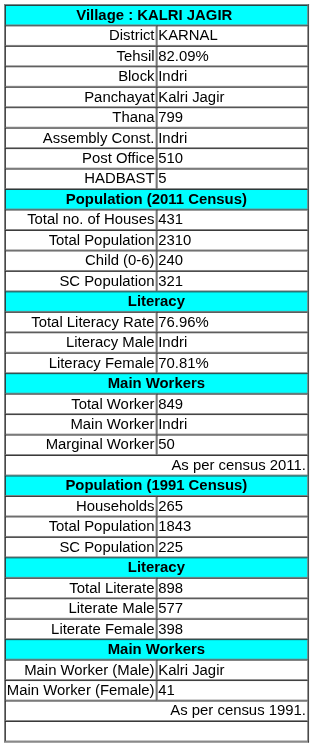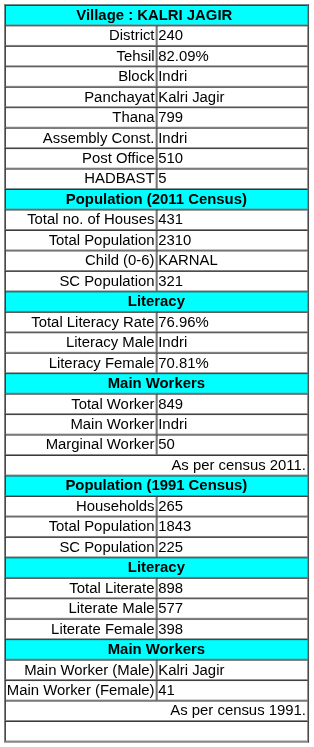 <table border="1" cellspacing="0">
 <tr>
 <th colspan="2" width="100%" bgcolor="#00FFFF">Village : <strong>KALRI JAGIR </strong></th>
 </tr>
 <tr>
 <td align="right" width="50%">District</td>
-<td width="50%">KARNAL   </td>
+<td width="50%">240   </td>
 </tr>
 <tr>
 <td align="right" width="50%">Tehsil</td>
 <td width="50%">82.09%   </td>
 </tr>
 <tr>
 <td align="right" width="50%">Block</td>
 <td width="50%">Indri   </td>
 </tr>
 <tr>
 <td align="right" width="50%">Panchayat</td>
 <td width="50%">Kalri Jagir   </td>
 </tr>
 <tr>
 <td align="right" width="50%">Thana</td>
 <td width="50%">799   </td>
 </tr>
 <tr>
 <td align="right" width="50%">Assembly Const.</td>
 <td width="50%">Indri   </td>
 </tr>
 <tr>
 <td align="right" width="50%">Post Office</td>
 <td width="50%">510   </td>
 </tr>
 <tr>
 <td align="right" width="50%">HADBAST</td>
 <td width="50%">5   </td>
 </tr>
 <tr>
 <th colspan="2" width="50%" bgcolor="#00FFFF">Population (2011 Census)</th>
 </tr>
 <tr>
 <td align="right" width="50%">Total no. of Houses</td>
 <td width="50%">431   </td>
 </tr>
 <tr>
 <td align="right" width="50%">Total Population</td>
 <td width="50%">2310   </td>
 </tr>
 <tr>
 <td align="right" width="50%">Child (0-6)</td>
-<td width="50%">240   </td>
+<td width="50%">KARNAL   </td>
 </tr>
 <tr>
 <td align="right" width="50%">SC Population</td>
 <td width="50%">321   </td>
 </tr>
 <tr>
 <th colspan="2" width="50%" bgcolor="#00FFFF">Literacy</th>
 </tr>
 <tr>
 <td align="right" width="50%">Total Literacy Rate</td>
 <td width="50%">76.96%   </td>
 </tr>
 <tr>
 <td align="right" width="50%">Literacy Male</td>
 <td width="50%">Indri   </td>
 </tr>
 <tr>
 <td align="right" width="50%">Literacy Female</td>
 <td width="50%">70.81%   </td>
 </tr>
 <tr>
 <th colspan="2" width="50%" bgcolor="#00FFFF">Main Workers</th>
 </tr>
 <tr>
 <td align="right" width="50%">Total Worker</td>
 <td width="50%">849   </td>
 </tr>
 <tr>
 <td align="right" width="50%">Main Worker</td>
 <td width="50%">Indri   </td>
 </tr>
 <tr>
 <td align="right" width="50%">Marginal Worker</td>
 <td width="50%">50   </td>
 </tr>
 <tr>
 <td colspan="2" align="right" width="50%">As per census 2011.</td>
 </tr>
 <tr>
 <th colspan="2" width="50%" bgcolor="#00FFFF">Population (1991 Census)</th>
 </tr>
 <tr>
 <td align="right" width="50%">Households</td>
 <td width="50%">265   </td>
 </tr>
 <tr>
 <td align="right" width="50%">Total Population</td>
 <td width="50%">1843   </td>
 </tr>
 <tr>
 <td align="right" width="50%">SC Population</td>
 <td width="50%">225   </td>
 </tr>
 <tr>
 <th colspan="2" width="50%" bgcolor="#00FFFF">Literacy</th>
 </tr>
 <tr>
 <td align="right" width="50%">Total Literate</td>
 <td width="50%">898   </td>
 </tr>
 <tr>
 <td align="right" width="50%">Literate Male</td>
 <td width="50%">577   </td>
 </tr>
 <tr>
 <td align="right" width="50%">Literate Female</td>
 <td width="50%">398   </td>
 </tr>
 <tr>
 <th colspan="2" width="50%" bgcolor="#00FFFF">Main Workers</th>
 </tr>
 <tr>
 <td align="right" width="50%">Main Worker (Male)</td>
 <td width="50%">Kalri Jagir   </td>
 </tr>
 <tr>
 <td align="right" width="50%">Main Worker (Female)</td>
 <td width="50%">41   </td>
 </tr>
 <tr>
 <td colspan="2" align="right" width="50%">As per census 1991.</td>
 </tr>
 <tr>
 <td colspan="2" align="right" width="50%"> </td>
 </tr>
 </table>
